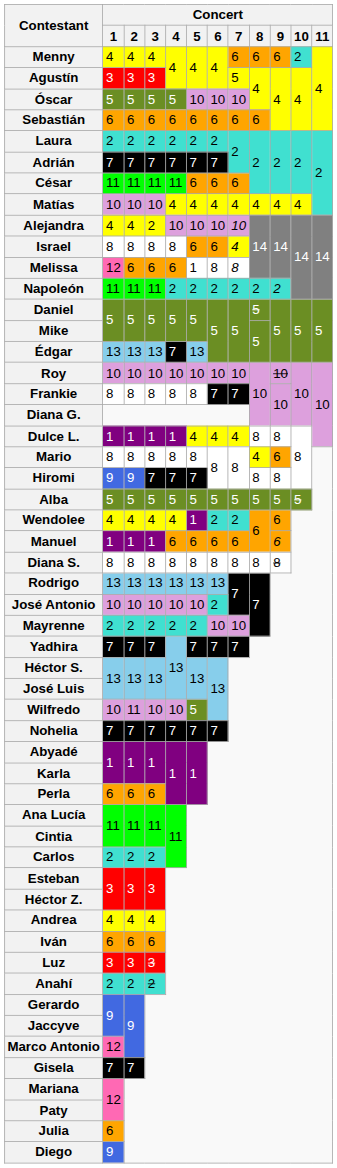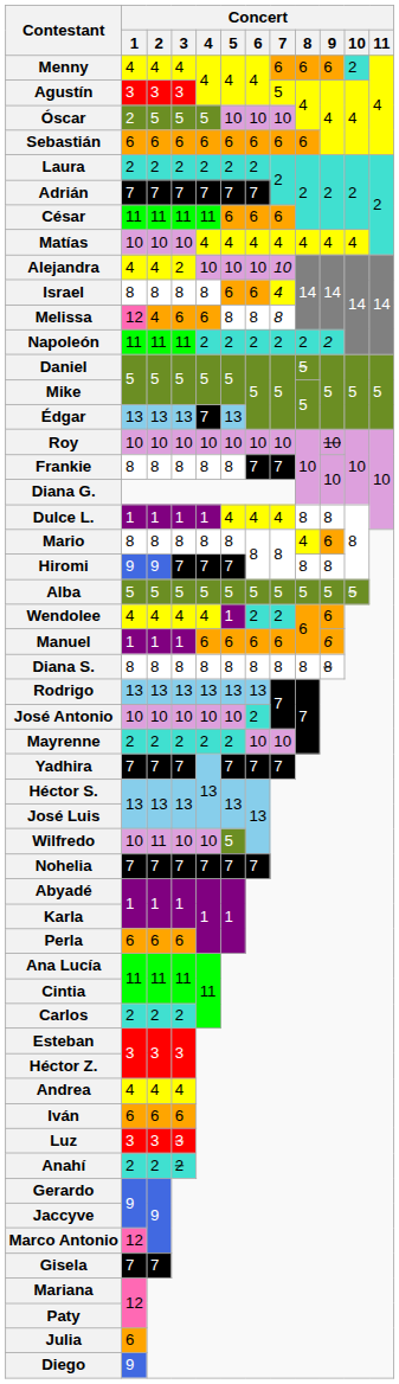 <table class="wikitable sortable sticky-header-multi" style="margin:auto;">
 <tr>
 <th scope="col" rowspan="2">Contestant</th>
 <th scope="col" colspan="100%">Concert</th>
 </tr>
 <tr>
 <th scope="col">1</th>
 <th scope="col">2</th>
 <th scope="col">3</th>
 <th scope="col">4</th>
 <th scope="col">5</th>
 <th scope="col">6</th>
 <th scope="col">7</th>
 <th scope="col">8</th>
 <th scope="col">9</th>
 <th scope="col">10</th>
 <th scope="col">11</th>
 </tr>
 <tr>
 <th scope="row">Menny</th>
 <td rowspan="1" style="background:yellow; color:black;">4</td>
 <td rowspan="1" style="background:yellow; color:black;">4</td>
 <td rowspan="1" style="background:yellow; color:black;">4</td>
 <td rowspan="2" style="background:yellow; color:black;">4</td>
 <td rowspan="2" style="background:yellow; color:black;">4</td>
 <td rowspan="2" style="background:yellow; color:black;">4</td>
 <td rowspan="1" style="background:orange; color:black;">6</td>
 <td rowspan="1" style="background:orange; color:black;">6</td>
 <td rowspan="1" style="background:orange; color:black;">6</td>
 <td rowspan="1" style="background:turquoise; color:black;">2</td>
 <td rowspan="4" style="background:yellow; color:black;">4</td>
 </tr>
 <tr>
 <th scope="row">Agustín</th>
 <td rowspan="1" style="background:red; color:white;">3</td>
 <td rowspan="1" style="background:red; color:white;">3</td>
 <td rowspan="1" style="background:red; color:white;">3<br>  </td>
 <td rowspan="1" style="background:yellow; color:black;">5</td>
 <td rowspan="2" style="background:yellow; color:black;">4</td>
 <td rowspan="3" style="background:yellow; color:black;">4</td>
 <td rowspan="3" style="background:yellow; color:black;">4<br></td>
 </tr>
 <tr>
 <th scope="row">Óscar</th>
-<td rowspan="1" style="background:olivedrab; color:white;">5</td>
+<td rowspan="1" style="background:olivedrab; color:white;">2</td>
 <td rowspan="1" style="background:olivedrab; color:white;">5</td>
 <td rowspan="1" style="background:olivedrab; color:white;">5</td>
 <td rowspan="1" style="background:olivedrab; color:white;">5</td>
 <td rowspan="1" style="background:plum; color:black;">10</td>
 <td rowspan="1" style="background:plum; color:black;">10</td>
 <td rowspan="1" style="background:plum; color:black;">10<br>   </td>
 </tr>
 <tr>
 <th scope="row">Sebastián</th>
 <td rowspan="1" style="background:orange; color:black;">6</td>
 <td rowspan="1" style="background:orange; color:black;">6</td>
 <td rowspan="1" style="background:orange; color:black;">6</td>
 <td rowspan="1" style="background:orange; color:black;">6</td>
 <td rowspan="1" style="background:orange; color:black;">6</td>
 <td rowspan="1" style="background:orange; color:black;">6</td>
 <td rowspan="1" style="background:orange; color:black;">6</td>
 <td rowspan="1" style="background:orange; color:black;">6<br>  </td>
 </tr>
 <tr>
 <th scope="row">Laura</th>
 <td rowspan="1" style="background:turquoise; color:black;">2</td>
 <td rowspan="1" style="background:turquoise; color:black;">2</td>
 <td rowspan="1" style="background:turquoise; color:black;">2</td>
 <td rowspan="1" style="background:turquoise; color:black;">2</td>
 <td rowspan="1" style="background:turquoise; color:black;">2</td>
 <td rowspan="1" style="background:turquoise; color:black;">2</td>
 <td rowspan="2" style="background:turquoise; color:black;">2</td>
 <td rowspan="3" style="background:turquoise; color:black;">2</td>
 <td rowspan="3" style="background:turquoise; color:black;">2</td>
 <td rowspan="3" style="background:turquoise; color:black;">2</td>
 <td rowspan="4" style="background:turquoise; color:black;">2</td>
 </tr>
 <tr>
 <th scope="row">Adrián</th>
 <td rowspan="1" style="background:black; color:white;">7</td>
 <td rowspan="1" style="background:black; color:white;">7</td>
 <td rowspan="1" style="background:black; color:white;">7</td>
 <td rowspan="1" style="background:black; color:white;">7</td>
 <td rowspan="1" style="background:black; color:white;">7</td>
 <td rowspan="1" style="background:black; color:white;">7<br>    </td>
 </tr>
 <tr>
 <th scope="row">César</th>
 <td rowspan="1" style="background:lime; color:black;">11</td>
 <td rowspan="1" style="background:lime; color:black;">11</td>
 <td rowspan="1" style="background:lime; color:black;">11</td>
 <td rowspan="1" style="background:lime; color:black;">11</td>
 <td rowspan="1" style="background:orange; color:black;">6</td>
 <td rowspan="1" style="background:orange; color:black;">6</td>
 <td rowspan="1" style="background:orange; color:black;">6<br>   </td>
 </tr>
 <tr>
 <th scope="row">Matías</th>
 <td rowspan="1" style="background:plum; color:black;">10</td>
 <td rowspan="1" style="background:plum; color:black;">10</td>
 <td rowspan="1" style="background:plum; color:black;">10</td>
 <td rowspan="1" style="background:yellow; color:black;">4</td>
 <td rowspan="1" style="background:yellow; color:black;">4</td>
 <td rowspan="1" style="background:yellow; color:black;">4</td>
 <td rowspan="1" style="background:yellow; color:black;">4</td>
 <td rowspan="1" style="background:yellow; color:black;">4</td>
 <td rowspan="1" style="background:yellow; color:black;">4</td>
 <td rowspan="1" style="background:yellow; color:black;">4<br></td>
 </tr>
 <tr>
 <th scope="row">Alejandra</th>
 <td rowspan="1" style="background:yellow; color:black;">4</td>
 <td rowspan="1" style="background:yellow; color:black;">4</td>
 <td rowspan="1" style="background:yellow; color:black;">2</td>
 <td rowspan="1" style="background:plum; color:black;">10</td>
 <td rowspan="1" style="background:plum; color:black;">10</td>
 <td rowspan="1" style="background:plum; color:black;">10</td>
 <td colspan="1" style="background:plum; color:black;"><em>10</em></td>
 <td rowspan="3" style="background:gray; color:white;">14</td>
 <td rowspan="3" style="background:gray; color:white;">14</td>
 <td rowspan="4" style="background:gray; color:white;">14</td>
 <td rowspan="4" style="background:gray; color:white;">14</td>
 </tr>
 <tr>
 <th scope="row">Israel</th>
 <td rowspan="1" style="background:white; color:black;">8</td>
 <td rowspan="1" style="background:white; color:black;">8</td>
 <td rowspan="1" style="background:white; color:black;">8</td>
 <td rowspan="1" style="background:white; color:black;">8</td>
 <td rowspan="1" style="background:orange; color:black;">6</td>
 <td rowspan="1" style="background:orange; color:black;">6</td>
 <td rowspan="1" style="background:yellow; color:black;"><em>4</em><br>   </td>
 </tr>
 <tr>
 <th scope="row">Melissa</th>
 <td rowspan="1" style="background:hotpink; color:black;">12</td>
+<td rowspan="1" style="background:orange; color:black;">4</td>
 <td rowspan="1" style="background:orange; color:black;">6</td>
 <td rowspan="1" style="background:orange; color:black;">6</td>
-<td rowspan="1" style="background:orange; color:black;">6</td>
-<td rowspan="1" style="background:white; color:black;">1</td>
+<td rowspan="1" style="background:white; color:black;">8</td>
 <td rowspan="1" style="background:white; color:black;">8</td>
 <td rowspan="1" style="background:white; color:black;"><em>8</em><br>   </td>
 </tr>
 <tr>
 <th scope="row">Napoleón</th>
 <td rowspan="1" style="background:lime; color:black;">11</td>
 <td rowspan="1" style="background:lime; color:black;">11</td>
 <td rowspan="1" style="background:lime; color:black;">11</td>
 <td rowspan="1" style="background:turquoise; color:black;">2</td>
 <td rowspan="1" style="background:turquoise; color:black;">2</td>
 <td rowspan="1" style="background:turquoise; color:black;">2</td>
 <td rowspan="1" style="background:turquoise; color:black;">2</td>
 <td rowspan="1" style="background:turquoise; color:black;">2</td>
 <td colspan="1" style="background:turquoise; color:black;"><em>2</em><br> </td>
 </tr>
 <tr>
 <th scope="row">Daniel</th>
 <td rowspan="2" style="background:olivedrab; color:white;">5</td>
 <td rowspan="2" style="background:olivedrab; color:white;">5</td>
 <td rowspan="2" style="background:olivedrab; color:white;">5</td>
 <td rowspan="2" style="background:olivedrab; color:white;">5</td>
 <td rowspan="2" style="background:olivedrab; color:white;">5</td>
 <td rowspan="3" style="background:olivedrab; color:white;">5</td>
 <td rowspan="3" style="background:olivedrab; color:white;">5</td>
 <td rowspan="1" style="background:olivedrab; color:white;"><s>5</s></td>
 <td rowspan="3" style="background:olivedrab; color:white;">5</td>
 <td rowspan="3" style="background:olivedrab; color:white;">5</td>
 <td rowspan="3" style="background:olivedrab; color:white;">5</td>
 </tr>
 <tr>
 <th scope="row">Mike<br>      </th>
 <td rowspan="2" style="background:olivedrab; color:white;">5<br>  </td>
 </tr>
 <tr>
 <th scope="row">Édgar</th>
 <td rowspan="1" style="background:skyblue; color:black;">13</td>
 <td rowspan="1" style="background:skyblue; color:black;">13</td>
 <td rowspan="1" style="background:skyblue; color:black;">13</td>
 <td rowspan="1" style="background:black; color:white;">7</td>
 <td rowspan="1" style="background:skyblue; color:black;">13<br>     </td>
 </tr>
 <tr>
 <th scope="row">Roy</th>
 <td rowspan="1" style="background:plum; color:black;">10</td>
 <td rowspan="1" style="background:plum; color:black;">10</td>
 <td rowspan="1" style="background:plum; color:black;">10</td>
 <td rowspan="1" style="background:plum; color:black;">10</td>
 <td rowspan="1" style="background:plum; color:black;">10</td>
 <td rowspan="1" style="background:plum; color:black;">10</td>
 <td rowspan="1" style="background:plum; color:black;">10</td>
 <td rowspan="3" style="background:plum; color:black;">10</td>
 <td rowspan="1" style="background:plum; color:black;"><s>10</s></td>
 <td rowspan="3" style="background:plum; color:black;">10</td>
 <td rowspan="4" style="background:plum; color:black;">10</td>
 </tr>
 <tr>
 <th scope="row">Frankie</th>
 <td rowspan="1" style="background:white; color:black;">8</td>
 <td rowspan="1" style="background:white; color:black;">8</td>
 <td rowspan="1" style="background:white; color:black;">8</td>
 <td rowspan="1" style="background:white; color:black;">8</td>
 <td rowspan="1" style="background:white; color:black;">8</td>
 <td rowspan="1" style="background:black; color:white;">7</td>
 <td rowspan="1" style="background:black; color:white;">7<br></td>
 <td rowspan="2" style="background:plum; color:black;">10<br> </td>
 </tr>
 <tr>
 <th scope="row">Diana G.</th>
 <td colspan="7" data-sort-value="15" style="border:none;"><br>   </td>
 </tr>
 <tr>
 <th scope="row">Dulce L.</th>
 <td rowspan="1" style="background:purple; color:white;">1</td>
 <td rowspan="1" style="background:purple; color:white;">1</td>
 <td rowspan="1" style="background:purple; color:white;">1</td>
 <td rowspan="1" style="background:purple; color:white;">1</td>
 <td rowspan="1" style="background:yellow; color:black;">4</td>
 <td rowspan="1" style="background:yellow; color:black;">4</td>
 <td rowspan="1" style="background:yellow; color:black;">4</td>
 <td rowspan="1" style="background:white; color:black;">8</td>
 <td rowspan="1" style="background:white; color:black;">8</td>
 <td rowspan="3" style="background:white; color:black;">8<br></td>
 </tr>
 <tr>
 <th scope="row">Mario</th>
 <td rowspan="1" style="background:white; color:black;">8</td>
 <td rowspan="1" style="background:white; color:black;">8</td>
 <td rowspan="1" style="background:white; color:black;">8</td>
 <td rowspan="1" style="background:white; color:black;">8</td>
 <td rowspan="1" style="background:white; color:black;">8</td>
 <td rowspan="2" style="background:white; color:black;">8</td>
 <td rowspan="2" style="background:white; color:black;">8</td>
 <td rowspan="1" style="background:yellow; color:black;">4</td>
 <td rowspan="1" style="background:orange; color:black;">6<br></td>
 <td colspan="100%" data-sort-value="15" style="border:none;"></td>
 </tr>
 <tr>
 <th scope="row">Hiromi</th>
 <td rowspan="1" style="background:royalblue; color:white;">9</td>
 <td rowspan="1" style="background:royalblue; color:white;">9</td>
 <td rowspan="1" style="background:black; color:white;">7</td>
 <td rowspan="1" style="background:black; color:white;">7</td>
 <td rowspan="1" style="background:black; color:white;">7<br> </td>
 <td rowspan="1" style="background:white; color:black;">8</td>
 <td rowspan="1" style="background:white; color:black;">8<br></td>
 <td colspan="100%" data-sort-value="15" style="border:none;"></td>
 </tr>
 <tr>
 <th scope="row">Alba</th>
 <td rowspan="1" style="background:olivedrab; color:white;">5</td>
 <td rowspan="1" style="background:olivedrab; color:white;">5</td>
 <td rowspan="1" style="background:olivedrab; color:white;">5</td>
 <td rowspan="1" style="background:olivedrab; color:white;">5</td>
 <td rowspan="1" style="background:olivedrab; color:white;">5</td>
 <td rowspan="1" style="background:olivedrab; color:white;">5</td>
 <td rowspan="1" style="background:olivedrab; color:white;">5</td>
 <td rowspan="1" style="background:olivedrab; color:white;">5</td>
 <td rowspan="1" style="background:olivedrab; color:white;">5</td>
 <td rowspan="1" style="background:olivedrab; color:white;"><s>5</s></td>
 <td colspan="100%" data-sort-value="15" style="border:none;"></td>
 </tr>
 <tr>
 <th scope="row">Wendolee</th>
 <td rowspan="1" style="background:yellow; color:black;">4</td>
 <td rowspan="1" style="background:yellow; color:black;">4</td>
 <td rowspan="1" style="background:yellow; color:black;">4</td>
 <td rowspan="1" style="background:yellow; color:black;">4</td>
 <td rowspan="1" style="background:purple; color:white;">1</td>
 <td rowspan="1" style="background:turquoise; color:black;">2</td>
 <td rowspan="1" style="background:turquoise; color:black;">2</td>
 <td rowspan="2" style="background:orange; color:black;">6</td>
 <td rowspan="1" style="background:orange; color:black;">6</td>
 <td colspan="100%" data-sort-value="15" style="border:none;"></td>
 </tr>
 <tr>
 <th scope="row">Manuel</th>
 <td rowspan="1" style="background:purple; color:white;">1</td>
 <td rowspan="1" style="background:purple; color:white;">1</td>
 <td rowspan="1" style="background:purple; color:white;">1</td>
 <td rowspan="1" style="background:orange; color:black;">6</td>
 <td rowspan="1" style="background:orange; color:black;">6</td>
 <td rowspan="1" style="background:orange; color:black;">6</td>
 <td rowspan="1" style="background:orange; color:black;">6<br></td>
 <td colspan="1" style="background:orange; color:black;"><em>6</em></td>
 <td colspan="100%" data-sort-value="15" style="border:none;"></td>
 </tr>
 <tr>
 <th scope="row">Diana S.</th>
 <td rowspan="1" style="background:white; color:black;">8</td>
 <td rowspan="1" style="background:white; color:black;">8</td>
 <td rowspan="1" style="background:white; color:black;">8</td>
 <td rowspan="1" style="background:white; color:black;">8</td>
 <td rowspan="1" style="background:white; color:black;">8</td>
 <td rowspan="1" style="background:white; color:black;">8</td>
 <td rowspan="1" style="background:white; color:black;">8</td>
 <td rowspan="1" style="background:white; color:black;">8</td>
 <td colspan="1" style="background:white; color:black;"><s>8</s></td>
 <td colspan="100%" data-sort-value="15" style="border:none;"></td>
 </tr>
 <tr>
 <th scope="row">Rodrigo</th>
 <td rowspan="1" style="background:skyblue; color:black;">13</td>
 <td rowspan="1" style="background:skyblue; color:black;">13</td>
 <td rowspan="1" style="background:skyblue; color:black;">13</td>
 <td rowspan="1" style="background:skyblue; color:black;">13</td>
 <td rowspan="1" style="background:skyblue; color:black;">13</td>
 <td rowspan="1" style="background:skyblue; color:black;">13</td>
 <td rowspan="2" style="background:black; color:white;">7</td>
 <td rowspan="3" style="background:black; color:white;">7</td>
 <td colspan="100%" data-sort-value="15" style="border:none;"></td>
 </tr>
 <tr>
 <th scope="row">José Antonio</th>
 <td rowspan="1" style="background:plum; color:black;">10</td>
 <td rowspan="1" style="background:plum; color:black;">10</td>
 <td rowspan="1" style="background:plum; color:black;">10</td>
 <td rowspan="1" style="background:plum; color:black;">10</td>
 <td rowspan="1" style="background:plum; color:black;">10</td>
 <td rowspan="1" style="background:turquoise; color:black;">2<br> </td>
 <td colspan="100%" data-sort-value="15" style="border:none;"></td>
 </tr>
 <tr>
 <th scope="row">Mayrenne</th>
 <td rowspan="1" style="background:turquoise; color:black;">2</td>
 <td rowspan="1" style="background:turquoise; color:black;">2</td>
 <td rowspan="1" style="background:turquoise; color:black;">2</td>
 <td rowspan="1" style="background:turquoise; color:black;">2</td>
 <td rowspan="1" style="background:turquoise; color:black;">2</td>
 <td rowspan="1" style="background:plum; color:black;">10</td>
 <td rowspan="1" style="background:plum; color:black;">10<br></td>
 <td colspan="100%" data-sort-value="15" style="border:none;"></td>
 </tr>
 <tr>
 <th scope="row">Yadhira</th>
 <td rowspan="1" style="background:black; color:white;">7</td>
 <td rowspan="1" style="background:black; color:white;">7</td>
 <td rowspan="1" style="background:black; color:white;">7</td>
 <td rowspan="3" style="background:skyblue; color:black;">13</td>
 <td rowspan="1" style="background:black; color:white;">7</td>
 <td rowspan="1" style="background:black; color:white;">7</td>
 <td rowspan="1" style="background:black; color:white;">7</td>
 <td colspan="100%" data-sort-value="15" style="border:none;"></td>
 </tr>
 <tr>
 <th scope="row">Héctor S.</th>
 <td rowspan="2" style="background:skyblue; color:black;">13</td>
 <td rowspan="2" style="background:skyblue; color:black;">13</td>
 <td rowspan="2" style="background:skyblue; color:black;">13<br></td>
 <td rowspan="2" style="background:skyblue; color:black;">13</td>
 <td rowspan="3" style="background:skyblue; color:black;">13</td>
 <td colspan="100%" data-sort-value="15" style="border:none;"></td>
 </tr>
 <tr>
 <th scope="row">José Luis<br>     </th>
 <td colspan="100%" data-sort-value="15" style="border:none;"></td>
 </tr>
 <tr>
 <th scope="row">Wilfredo</th>
 <td rowspan="1" style="background:plum; color:black;">10</td>
 <td rowspan="1" style="background:plum; color:black;">11</td>
 <td rowspan="1" style="background:plum; color:black;">10</td>
 <td rowspan="1" style="background:plum; color:black;">10</td>
 <td rowspan="1" style="background:olivedrab; color:white;">5<br></td>
 <td colspan="100%" data-sort-value="15" style="border:none;"></td>
 </tr>
 <tr>
 <th scope="row">Nohelia</th>
 <td rowspan="1" style="background:black; color:white;">7</td>
 <td rowspan="1" style="background:black; color:white;">7</td>
 <td rowspan="1" style="background:black; color:white;">7</td>
 <td rowspan="1" style="background:black; color:white;">7</td>
 <td rowspan="1" style="background:black; color:white;">7</td>
 <td rowspan="1" style="background:black; color:white;">7</td>
 <td colspan="100%" data-sort-value="15" style="border:none;"></td>
 </tr>
 <tr>
 <th scope="row">Abyadé</th>
 <td rowspan="2" style="background:purple; color:white;">1</td>
 <td rowspan="2" style="background:purple; color:white;">1</td>
 <td rowspan="2" style="background:purple; color:white;">1</td>
 <td rowspan="3" style="background:purple; color:white;">1</td>
 <td rowspan="3" style="background:purple; color:white;">1</td>
 <td colspan="100%" data-sort-value="15" style="border:none;"></td>
 </tr>
 <tr>
 <th scope="row">Karla<br>    </th>
 <td colspan="100%" data-sort-value="15" style="border:none;"></td>
 </tr>
 <tr>
 <th scope="row">Perla</th>
 <td rowspan="1" style="background:orange; color:black;">6</td>
 <td rowspan="1" style="background:orange; color:black;">6</td>
 <td rowspan="1" style="background:orange; color:black;">6<br> </td>
 <td colspan="100%" data-sort-value="15" style="border:none;"></td>
 </tr>
 <tr>
 <th scope="row">Ana Lucía</th>
 <td rowspan="2" style="background:lime; color:black;">11</td>
 <td rowspan="2" style="background:lime; color:black;">11</td>
 <td rowspan="2" style="background:lime; color:black;">11</td>
 <td rowspan="3" style="background:lime; color:black;">11</td>
 <td colspan="100%" data-sort-value="15" style="border:none;"></td>
 </tr>
 <tr>
 <th scope="row">Cintia<br></th>
 <td colspan="100%" data-sort-value="15" style="border:none;"></td>
 </tr>
 <tr>
 <th scope="row">Carlos</th>
 <td rowspan="1" style="background:turquoise; color:black;">2</td>
 <td rowspan="1" style="background:turquoise; color:black;">2</td>
 <td rowspan="1" style="background:turquoise; color:black;">2<br></td>
 <td colspan="100%" data-sort-value="15" style="border:none;"></td>
 </tr>
 <tr>
 <th scope="row">Esteban</th>
 <td rowspan="2" style="background:red; color:white;">3</td>
 <td rowspan="2" style="background:red; color:white;">3</td>
 <td rowspan="2" style="background:red; color:white;">3</td>
 <td colspan="100%" data-sort-value="15" style="border:none;"></td>
 </tr>
 <tr>
 <th scope="row">Héctor Z.<br>  </th>
 <td colspan="100%" data-sort-value="15" style="border:none;"></td>
 </tr>
 <tr>
 <th scope="row">Andrea</th>
 <td rowspan="1" style="background:yellow; color:black;">4</td>
 <td rowspan="1" style="background:yellow; color:black;">4</td>
 <td rowspan="1" style="background:yellow; color:black;">4</td>
 <td colspan="100%" data-sort-value="15" style="border:none;"></td>
 </tr>
 <tr>
 <th scope="row">Iván</th>
 <td rowspan="1" style="background:orange; color:black;">6</td>
 <td rowspan="1" style="background:orange; color:black;">6</td>
 <td rowspan="1" style="background:orange; color:black;">6</td>
 <td colspan="100%" data-sort-value="15" style="border:none;"></td>
 </tr>
 <tr>
 <th scope="row">Luz</th>
 <td rowspan="1" style="background:red; color:white;">3</td>
 <td rowspan="1" style="background:red; color:white;">3</td>
 <td rowspan="1" style="background:red; color:white;"><s>3</s></td>
 <td colspan="100%" data-sort-value="15" style="border:none;"></td>
 </tr>
 <tr>
 <th scope="row">Anahí</th>
 <td rowspan="1" style="background:turquoise; color:black;">2</td>
 <td rowspan="1" style="background:turquoise; color:black;">2</td>
 <td rowspan="1" style="background:turquoise; color:black;"><s>2</s></td>
 <td colspan="100%" data-sort-value="15" style="border:none;"></td>
 </tr>
 <tr>
 <th scope="row">Gerardo</th>
 <td rowspan="2" style="background:royalblue; color:white;">9</td>
 <td rowspan="3" style="background:royalblue; color:white;">9</td>
 <td colspan="100%" data-sort-value="15" style="border:none;"></td>
 </tr>
 <tr>
 <th scope="row">Jaccyve<br> </th>
 <td colspan="100%" data-sort-value="15" style="border:none;"></td>
 </tr>
 <tr>
 <th scope="row">Marco Antonio</th>
 <td rowspan="1" style="background:hotpink; color:black;">12<br></td>
 <td colspan="100%" data-sort-value="15" style="border:none;"></td>
 </tr>
 <tr>
 <th scope="row">Gisela</th>
 <td rowspan="1" style="background:black; color:white;">7</td>
 <td rowspan="1" style="background:black; color:white;">7</td>
 <td colspan="100%" data-sort-value="15" style="border:none;"></td>
 </tr>
 <tr>
 <th scope="row">Mariana</th>
 <td rowspan="2" style="background:hotpink; color:black;">12</td>
 <td colspan="100%" data-sort-value="15" style="border:none;"></td>
 </tr>
 <tr>
 <th scope="row">Paty<br></th>
 <td colspan="100%" data-sort-value="15" style="border:none;"></td>
 </tr>
 <tr>
 <th scope="row">Julia</th>
 <td rowspan="1" style="background:orange; color:black;">6</td>
 <td colspan="100%" data-sort-value="15" style="border:none;"></td>
 </tr>
 <tr>
 <th scope="row">Diego</th>
 <td rowspan="1" style="background:royalblue; color:white;">9</td>
 <td colspan="100%" data-sort-value="15" style="border:none;"></td>
 </tr>
 </table>
